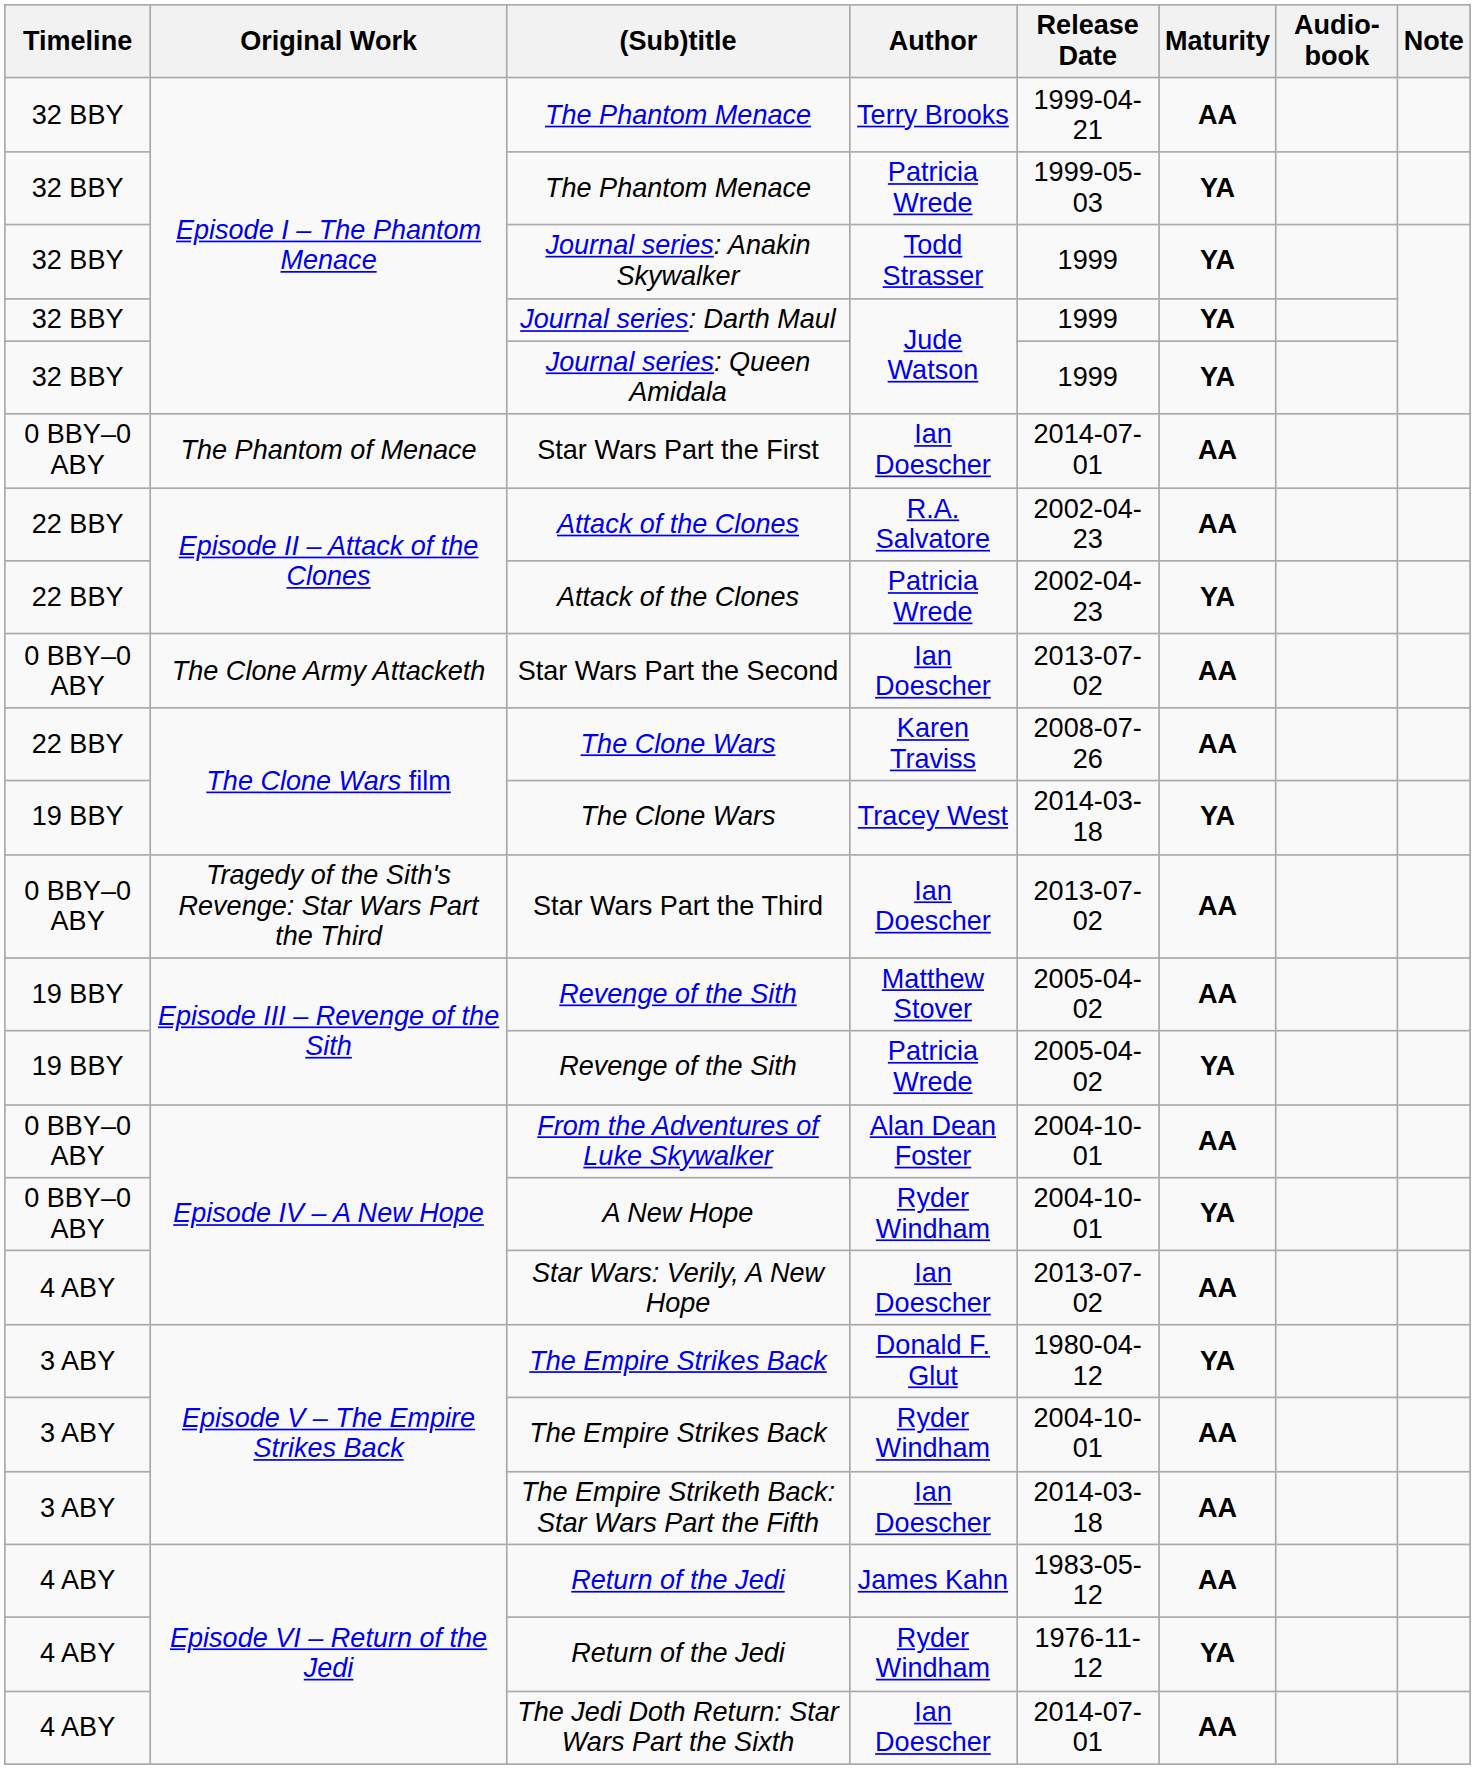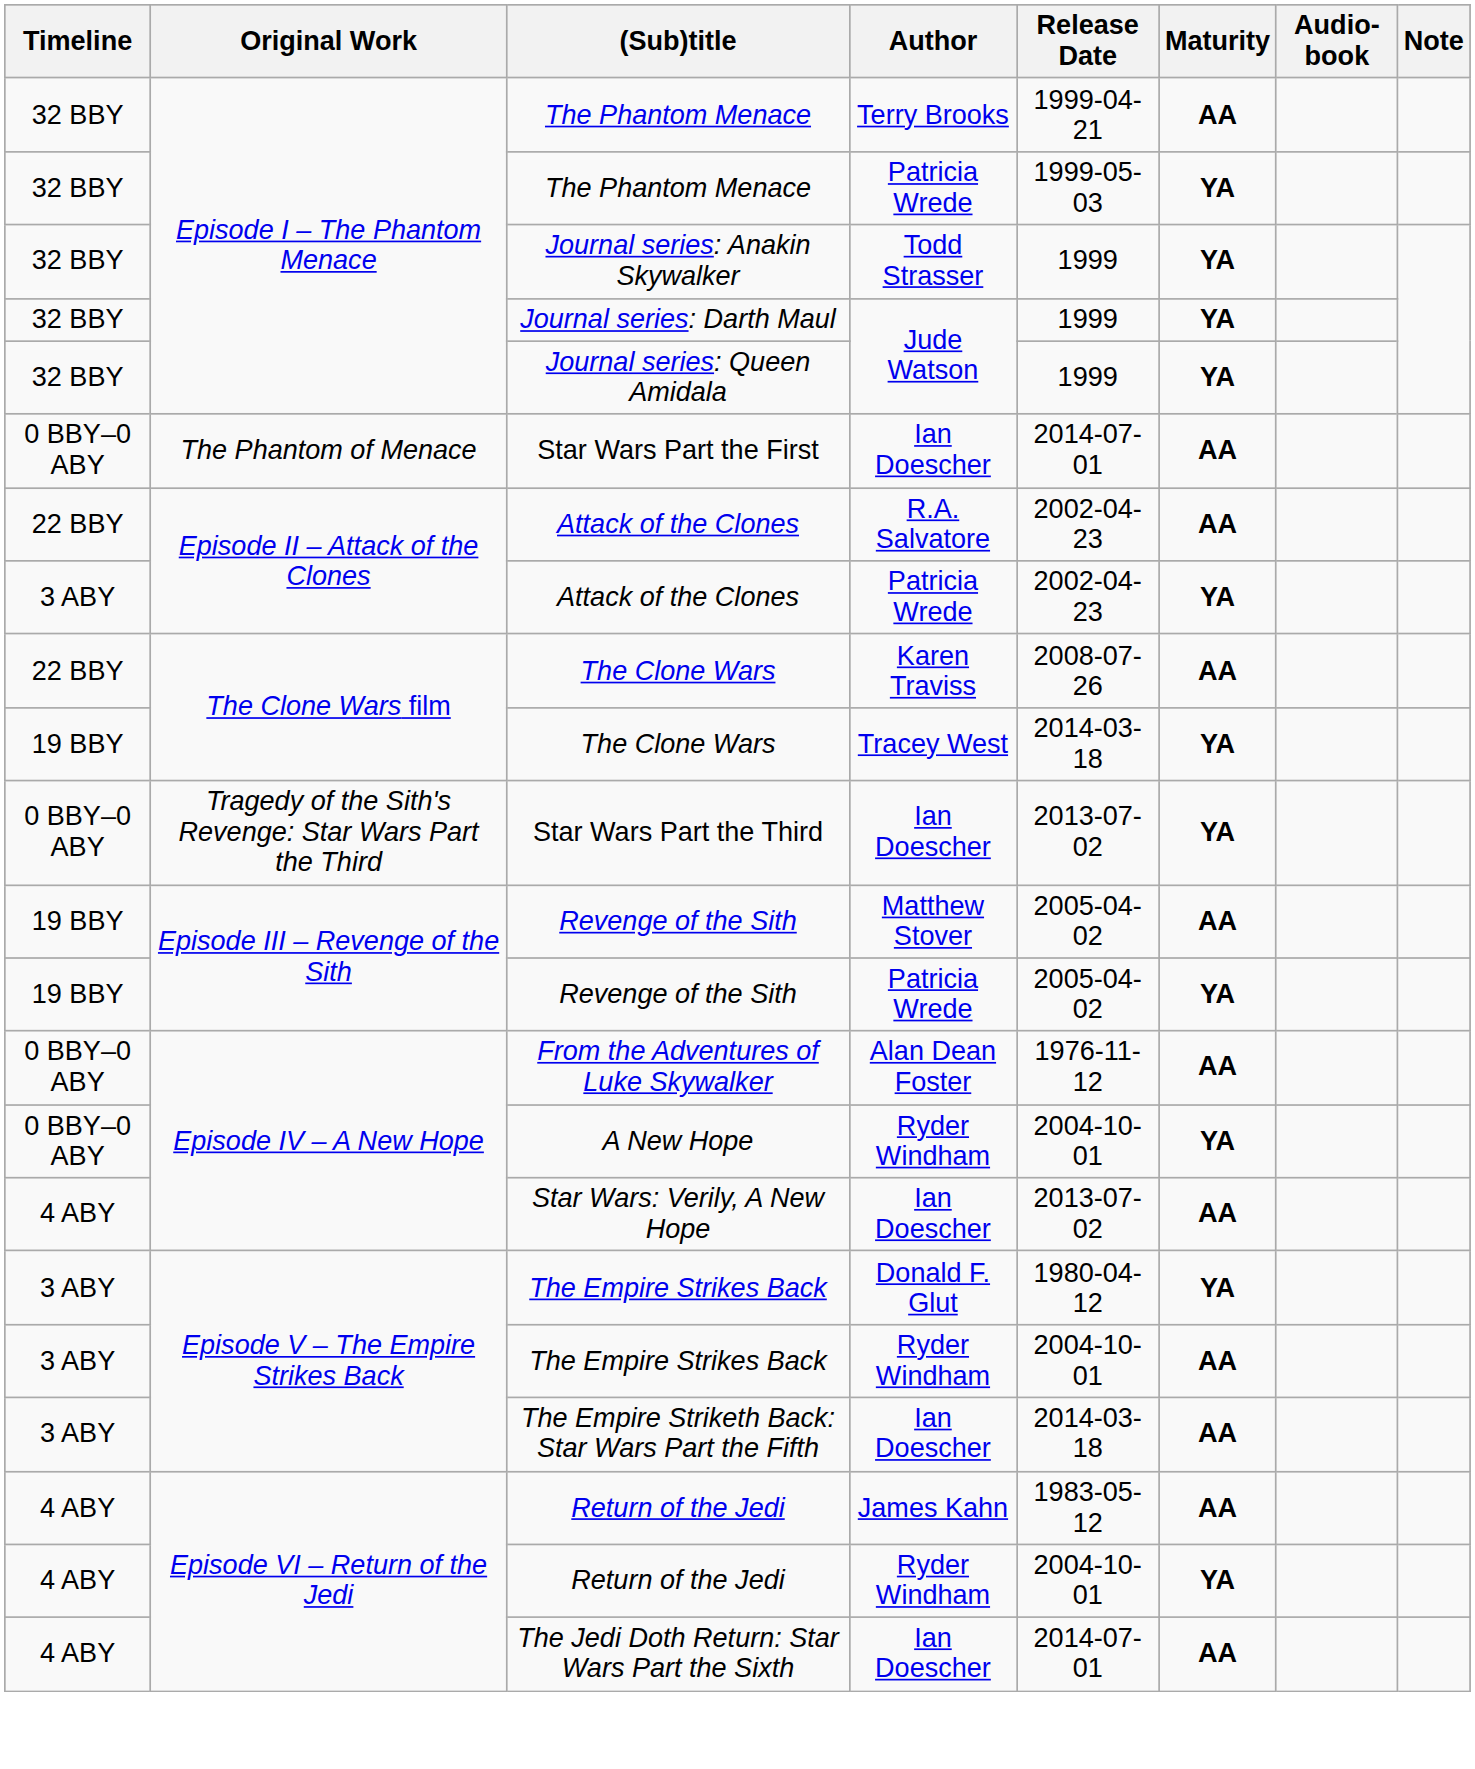 <table class="wikitable sortable" style="text-align: center">
 <tr>
 <th>Timeline</th>
 <th>Original Work</th>
 <th>(Sub)title</th>
 <th>Author</th>
 <th>Release Date</th>
 <th>Maturity</th>
 <th>Audio­book</th>
 <th>Note</th>
 </tr>
 <tr>
 <td data-sort-value="-32.4">32 BBY</td>
 <td rowspan="5"><em><a href='#'>Episode I – The Phantom Menace</a></em></td>
 <td><em><a href='#'>The Phantom Menace</a></em></td>
 <td><a href='#'>Terry Brooks</a></td>
 <td>1999-04-21</td>
 <td><strong>AA</strong></td>
 <td></td>
 <td></td>
 </tr>
 <tr>
 <td data-sort-value="-32.3">32 BBY</td>
 <td><em>The Phantom Menace</em></td>
 <td><a href='#'>Patricia Wrede</a></td>
 <td>1999-05-03</td>
 <td><strong>YA</strong></td>
 <td></td>
 <td></td>
 </tr>
 <tr>
 <td data-sort-value="-32.2">32 BBY</td>
 <td><em><a href='#'>Journal series</a>: Anakin Skywalker</em></td>
 <td><a href='#'>Todd Strasser</a></td>
 <td>1999</td>
 <td><strong>YA</strong></td>
 <td></td>
 <td rowspan="3"></td>
 </tr>
 <tr>
 <td data-sort-value="-32.1">32 BBY</td>
 <td><em><a href='#'>Journal series</a>: Darth Maul</em></td>
 <td rowspan="2"><a href='#'>Jude Watson</a></td>
 <td>1999</td>
 <td><strong>YA</strong></td>
 <td></td>
 </tr>
 <tr>
 <td data-sort-value="-32">32 BBY</td>
 <td><em><a href='#'>Journal series</a>: Queen Amidala</em></td>
 <td>1999</td>
 <td><strong>YA</strong></td>
 <td></td>
 </tr>
 <tr>
 <td data-sort-value="0.2">0 BBY–0 ABY</td>
 <td><em>The Phantom of Menace</em></td>
 <td>Star Wars Part the First</td>
 <td><a href='#'>Ian Doescher</a></td>
 <td>2014-07-01</td>
 <td><strong>AA</strong></td>
 <td></td>
 <td></td>
 </tr>
 <tr>
 <td data-sort-value="-22.3">22 BBY</td>
 <td rowspan="2"><em><a href='#'>Episode II – Attack of the Clones</a></em></td>
 <td><em><a href='#'>Attack of the Clones</a></em></td>
 <td><a href='#'>R.A. Salvatore</a></td>
 <td>2002-04-23</td>
 <td><strong>AA</strong></td>
 <td></td>
 <td></td>
 </tr>
 <tr>
-<td data-sort-value="-22.2">22 BBY</td>
+<td data-sort-value="3.1">3 ABY</td>
 <td><em>Attack of the Clones</em></td>
 <td><a href='#'>Patricia Wrede</a></td>
 <td>2002-04-23</td>
 <td><strong>YA</strong></td>
-<td></td>
-<td></td>
-</tr>
-<tr>
-<td data-sort-value="0.2">0 BBY–0 ABY</td>
-<td><em>The Clone Army Attacketh</em></td>
-<td>Star Wars Part the Second</td>
-<td><a href='#'>Ian Doescher</a></td>
-<td>2013-07-02</td>
-<td><strong>AA</strong></td>
 <td></td>
 <td></td>
 </tr>
 <tr>
 <td data-sort-value="-22.1">22 BBY</td>
 <td rowspan="2"><a href='#'><em>The Clone Wars</em> film</a></td>
 <td><em><a href='#'>The Clone Wars</a></em></td>
 <td><a href='#'>Karen Traviss</a></td>
 <td>2008-07-26</td>
 <td><strong>AA</strong></td>
 <td></td>
 <td></td>
 </tr>
 <tr>
 <td data-sort-value="-19">19 BBY</td>
 <td><em>The Clone Wars</em></td>
 <td><a href='#'>Tracey West</a></td>
 <td>2014-03-18</td>
 <td><strong>YA</strong></td>
 <td></td>
 <td></td>
 </tr>
 <tr>
 <td data-sort-value="0.2">0 BBY–0 ABY</td>
 <td><em>Tragedy of the Sith's Revenge: Star Wars Part the Third</em></td>
 <td>Star Wars Part the Third</td>
 <td><a href='#'>Ian Doescher</a></td>
 <td>2013-07-02</td>
-<td><strong>AA</strong></td>
+<td><strong>YA</strong></td>
 <td></td>
 <td></td>
 </tr>
 <tr>
 <td data-sort-value="-19.1">19 BBY</td>
 <td rowspan="2"><em><a href='#'>Episode III – Revenge of the Sith</a></em></td>
 <td><em><a href='#'>Revenge of the Sith</a></em></td>
 <td><a href='#'>Matthew Stover</a></td>
 <td>2005-04-02</td>
 <td><strong>AA</strong></td>
 <td></td>
 <td></td>
 </tr>
 <tr>
 <td data-sort-value="-19">19 BBY</td>
 <td><em>Revenge of the Sith</em></td>
 <td><a href='#'>Patricia Wrede</a></td>
 <td>2005-04-02</td>
 <td><strong>YA</strong></td>
 <td></td>
 <td></td>
 </tr>
 <tr>
 <td data-sort-value="0">0 BBY–0 ABY</td>
 <td rowspan="3"><em><a href='#'>Episode IV – A New Hope</a></em></td>
 <td><em><a href='#'>From the Adventures of Luke Skywalker</a></em></td>
 <td><a href='#'>Alan Dean Foster</a></td>
-<td>2004-10-01</td>
+<td>1976-11-12</td>
 <td><strong>AA</strong></td>
 <td></td>
 <td></td>
 </tr>
 <tr>
 <td data-sort-value="0.1">0 BBY–0 ABY</td>
 <td><em>A New Hope</em></td>
 <td><a href='#'>Ryder Windham</a></td>
 <td>2004-10-01</td>
 <td><strong>YA</strong></td>
 <td></td>
 <td></td>
 </tr>
 <tr>
 <td data-sort-value="4">4 ABY</td>
 <td><em>Star Wars: Verily, A New Hope</em></td>
 <td><a href='#'>Ian Doescher</a></td>
 <td>2013-07-02</td>
 <td><strong>AA</strong></td>
 <td></td>
 <td></td>
 </tr>
 <tr>
 <td data-sort-value="3">3 ABY</td>
 <td rowspan="3"><em><a href='#'>Episode V – The Empire Strikes Back</a></em></td>
 <td><em><a href='#'>The Empire Strikes Back</a></em></td>
 <td><a href='#'>Donald F. Glut</a></td>
 <td>1980-04-12</td>
 <td><strong>YA</strong></td>
 <td></td>
 <td></td>
 </tr>
 <tr>
 <td data-sort-value="3.1">3 ABY</td>
 <td><em>The Empire Strikes Back</em></td>
 <td><a href='#'>Ryder Windham</a></td>
 <td>2004-10-01</td>
 <td><strong>AA</strong></td>
 <td></td>
 <td></td>
 </tr>
 <tr>
 <td data-sort-value="3.2">3 ABY</td>
 <td><em>The Empire Striketh Back: Star Wars Part the Fifth</em></td>
 <td><a href='#'>Ian Doescher</a></td>
 <td>2014-03-18</td>
 <td><strong>AA</strong></td>
 <td></td>
 <td></td>
 </tr>
 <tr>
 <td data-sort-value="4">4 ABY</td>
 <td rowspan="3"><em><a href='#'>Episode VI – Return of the Jedi</a></em></td>
 <td><em><a href='#'>Return of the Jedi</a></em></td>
 <td><a href='#'>James Kahn</a></td>
 <td>1983-05-12</td>
 <td><strong>AA</strong></td>
 <td></td>
 <td></td>
 </tr>
 <tr>
 <td data-sort-value="4.1">4 ABY</td>
 <td><em>Return of the Jedi</em></td>
 <td><a href='#'>Ryder Windham</a></td>
-<td>1976-11-12</td>
+<td>2004-10-01</td>
 <td><strong>YA</strong></td>
 <td></td>
 <td></td>
 </tr>
 <tr>
 <td data-sort-value="4.2">4 ABY</td>
 <td><em>The Jedi Doth Return: Star Wars Part the Sixth</em></td>
 <td><a href='#'>Ian Doescher</a></td>
 <td>2014-07-01</td>
 <td><strong>AA</strong></td>
 <td></td>
 <td></td>
 </tr>
 </table>
